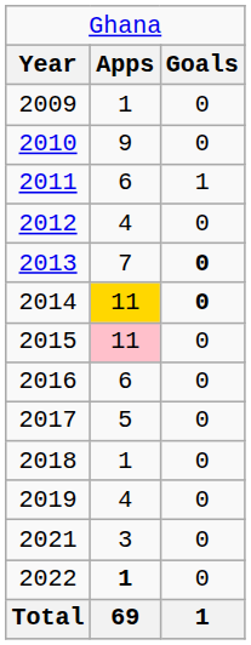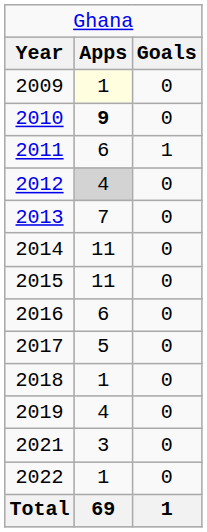 <table class="wikitable" style="text-align:center">
 <tr>
 <td colspan=3><a href='#'>Ghana</a></td>
 </tr>
 <tr>
 <th>Year</th>
 <th>Apps</th>
 <th>Goals</th>
 </tr>
 <tr>
 <td>2009</td>
-<td>1</td>
+<td style="background: lightyellow;">1</td>
 <td>0</td>
 </tr>
 <tr>
 <td><a href='#'>2010</a></td>
-<td>9</td>
+<td><strong>9</strong></td>
 <td>0</td>
 </tr>
 <tr>
 <td><a href='#'>2011</a></td>
 <td>6</td>
 <td>1</td>
 </tr>
 <tr>
 <td><a href='#'>2012</a></td>
-<td>4</td>
+<td style="background: lightgrey;">4</td>
 <td>0</td>
 </tr>
 <tr>
 <td><a href='#'>2013</a></td>
 <td>7</td>
-<td><strong>0</strong></td>
+<td>0</td>
 </tr>
 <tr>
 <td>2014</td>
-<td style="background: gold;">11</td>
-<td><strong>0</strong></td>
+<td>11</td>
+<td>0</td>
 </tr>
 <tr>
 <td>2015</td>
-<td style="background: pink;">11</td>
+<td>11</td>
 <td>0</td>
 </tr>
 <tr>
 <td>2016</td>
 <td>6</td>
 <td>0</td>
 </tr>
 <tr>
 <td>2017</td>
 <td>5</td>
 <td>0</td>
 </tr>
 <tr>
 <td>2018</td>
 <td>1</td>
 <td>0</td>
 </tr>
 <tr>
 <td>2019</td>
 <td>4</td>
 <td>0</td>
 </tr>
 <tr>
 <td>2021</td>
 <td>3</td>
 <td>0</td>
 </tr>
 <tr>
 <td>2022</td>
-<td><strong>1</strong></td>
+<td>1</td>
 <td>0</td>
 </tr>
 <tr>
 <th>Total</th>
 <th>69</th>
 <th>1</th>
 </tr>
 </table>
